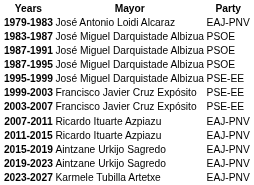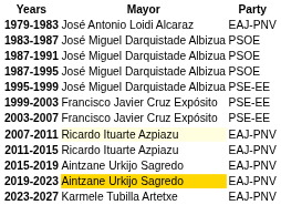 <table>
 <tr>
 <th>Years</th>
 <th>Mayor</th>
 <th>Party</th>
 </tr>
 <tr>
 <th>1979-1983</th>
 <td>José Antonio Loidi Alcaraz</td>
 <td>EAJ-PNV</td>
 </tr>
 <tr>
 <th>1983-1987</th>
 <td>José Miguel Darquistade Albizua</td>
 <td>PSOE</td>
 </tr>
 <tr>
 <th>1987-1991</th>
 <td>José Miguel Darquistade Albizua</td>
 <td>PSOE</td>
 </tr>
 <tr>
 <th>1987-1995</th>
 <td>José Miguel Darquistade Albizua</td>
 <td>PSOE</td>
 </tr>
 <tr>
 <th>1995-1999</th>
 <td>José Miguel Darquistade Albizua</td>
 <td>PSE-EE</td>
 </tr>
 <tr>
 <th>1999-2003</th>
 <td>Francisco Javier Cruz Expósito</td>
 <td>PSE-EE</td>
 </tr>
 <tr>
 <th>2003-2007</th>
 <td>Francisco Javier Cruz Expósito</td>
 <td>PSE-EE</td>
 </tr>
 <tr>
 <th>2007-2011</th>
-<td>Ricardo Ituarte Azpiazu</td>
+<td style="background: lightyellow;">Ricardo Ituarte Azpiazu</td>
 <td>EAJ-PNV</td>
 </tr>
 <tr>
 <th>2011-2015</th>
 <td>Ricardo Ituarte Azpiazu</td>
 <td>EAJ-PNV</td>
 </tr>
 <tr>
 <th>2015-2019</th>
 <td>Aintzane Urkijo Sagredo</td>
 <td>EAJ-PNV</td>
 </tr>
 <tr>
 <th>2019-2023</th>
-<td>Aintzane Urkijo Sagredo</td>
+<td style="background: gold;">Aintzane Urkijo Sagredo</td>
 <td>EAJ-PNV</td>
 </tr>
 <tr>
 <th>2023-2027</th>
 <td>Karmele Tubilla Artetxe</td>
 <td>EAJ-PNV</td>
 </tr>
 <tr>
 </tr>
 </table>
